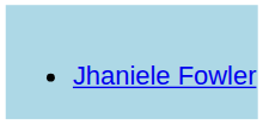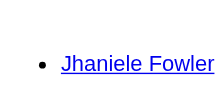 <table>
 <tr>
 <td><strong></strong></td>
 </tr>
 <tr style="vertical-align:top">
-<td style="background: lightblue;"><br><ul><li><a href='#'>Jhaniele Fowler</a></li></ul></td>
+<td><br><ul><li><a href='#'>Jhaniele Fowler</a></li></ul></td>
 </tr>
 </table>
